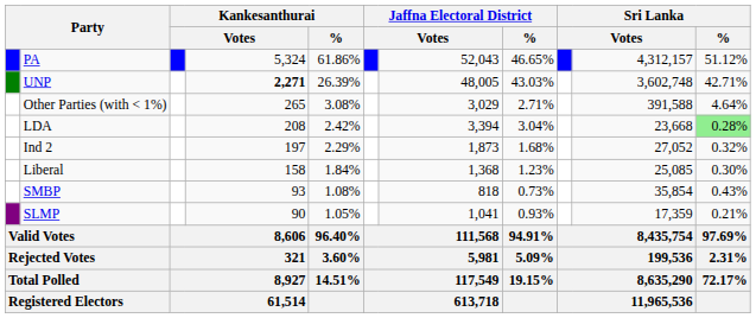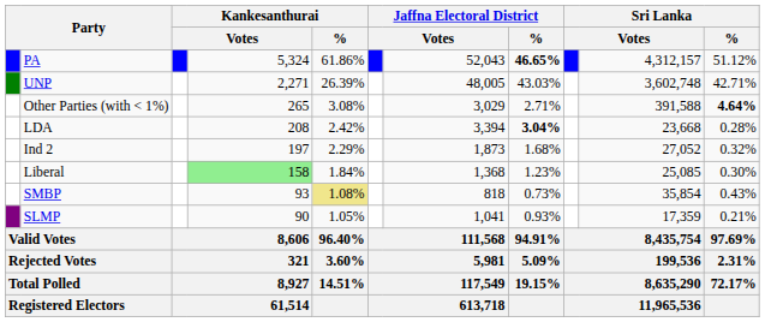 <table class="wikitable">
 <tr>
 <th colspan="2" width="144px"rowspan="2">Party</th>
 <th colspan="3" width="216px">Kankesanthurai</th>
 <th colspan="3" width="216px"><a href='#'>Jaffna Electoral District</a></th>
 <th colspan="3" width="216px">Sri Lanka</th>
 </tr>
 <tr>
 <th colspan="2" width="144px">Votes</th>
 <th>%</th>
 <th colspan="2" width="144px">Votes</th>
 <th>%</th>
 <th colspan="2" width="144px">Votes</th>
 <th>%</th>
 </tr>
 <tr>
 <td style="background-color:blue;" width="10px"></td>
 <td style="text-align:left;"><a href='#'>PA</a></td>
 <td style="background-color:blue;" width="10px"></td>
 <td style="text-align:right;">5,324</td>
 <td style="text-align:right;">61.86%</td>
 <td style="background-color:blue;" width="10px"></td>
 <td style="text-align:right;">52,043</td>
-<td style="text-align:right;">46.65%</td>
+<td style="text-align:right;"><strong>46.65%</strong></td>
 <td style="background-color:blue;" width="10px"></td>
 <td style="text-align:right;">4,312,157</td>
 <td style="text-align:right;">51.12%</td>
 </tr>
 <tr>
 <td style="background-color:green;" width="10px"></td>
 <td style="text-align:left;"><a href='#'>UNP</a></td>
 <td style="background-color:white;" width="10px"></td>
-<td style="text-align:right;"><strong>2,271</strong></td>
+<td style="text-align:right;">2,271</td>
 <td style="text-align:right;">26.39%</td>
 <td style="background-color:white;" width="10px"></td>
 <td style="text-align:right;">48,005</td>
 <td style="text-align:right;">43.03%</td>
 <td style="background-color:white;" width="10px"></td>
 <td style="text-align:right;">3,602,748</td>
 <td style="text-align:right;">42.71%</td>
 </tr>
 <tr>
 <td style="background-color:white;" width="10px"></td>
 <td style="text-align:left;">Other Parties (with < 1%)</td>
 <td style="background-color:white;" width="10px"></td>
 <td style="text-align:right;">265</td>
 <td style="text-align:right;">3.08%</td>
 <td style="background-color:white;" width="10px"></td>
 <td style="text-align:right;">3,029</td>
 <td style="text-align:right;">2.71%</td>
 <td style="background-color:white;" width="10px"></td>
 <td style="text-align:right;">391,588</td>
-<td style="text-align:right;">4.64%</td>
+<td style="text-align:right;"><strong>4.64%</strong></td>
 </tr>
 <tr>
 <td style="background-color:white;" width="10px"></td>
 <td style="text-align:left;">LDA</td>
 <td style="background-color:white;" width="10px"></td>
 <td style="text-align:right;">208</td>
 <td style="text-align:right;">2.42%</td>
 <td style="background-color:white;" width="10px"></td>
 <td style="text-align:right;">3,394</td>
-<td style="text-align:right;">3.04%</td>
+<td style="text-align:right;"><strong>3.04%</strong></td>
 <td style="background-color:white;" width="10px"></td>
 <td style="text-align:right;">23,668</td>
-<td style="background: lightgreen; text-align:right;">0.28%</td>
+<td style="text-align:right;">0.28%</td>
 </tr>
 <tr>
 <td style="background-color:white;" width="10px"></td>
 <td style="text-align:left;">Ind 2</td>
 <td style="background-color:white;" width="10px"></td>
 <td style="text-align:right;">197</td>
 <td style="text-align:right;">2.29%</td>
 <td style="background-color:white;" width="10px"></td>
 <td style="text-align:right;">1,873</td>
 <td style="text-align:right;">1.68%</td>
 <td style="background-color:white;" width="10px"></td>
 <td style="text-align:right;">27,052</td>
 <td style="text-align:right;">0.32%</td>
 </tr>
 <tr>
 <td style="background-color:white;" width="10px"></td>
 <td style="text-align:left;">Liberal</td>
 <td style="background-color:white;" width="10px"></td>
-<td style="text-align:right;">158</td>
+<td style="background: lightgreen; text-align:right;">158</td>
 <td style="text-align:right;">1.84%</td>
 <td style="background-color:white;" width="10px"></td>
 <td style="text-align:right;">1,368</td>
 <td style="text-align:right;">1.23%</td>
 <td style="background-color:white;" width="10px"></td>
 <td style="text-align:right;">25,085</td>
 <td style="text-align:right;">0.30%</td>
 </tr>
 <tr>
 <td style="background-color:white;" width="10px"></td>
 <td style="text-align:left;"><a href='#'>SMBP</a></td>
 <td style="background-color:white;" width="10px"></td>
 <td style="text-align:right;">93</td>
-<td style="text-align:right;">1.08%</td>
+<td style="background: khaki; text-align:right;">1.08%</td>
 <td style="background-color:white;" width="10px"></td>
 <td style="text-align:right;">818</td>
 <td style="text-align:right;">0.73%</td>
 <td style="background-color:white;" width="10px"></td>
 <td style="text-align:right;">35,854</td>
 <td style="text-align:right;">0.43%</td>
 </tr>
 <tr>
 <td style="background-color:purple;" width="10px"></td>
 <td style="text-align:left;"><a href='#'>SLMP</a></td>
 <td style="background-color:white;" width="10px"></td>
 <td style="text-align:right;">90</td>
 <td style="text-align:right;">1.05%</td>
 <td style="background-color:white;" width="10px"></td>
 <td style="text-align:right;">1,041</td>
 <td style="text-align:right;">0.93%</td>
 <td style="background-color:white;" width="10px"></td>
 <td style="text-align:right;">17,359</td>
 <td style="text-align:right;">0.21%</td>
 </tr>
 <tr>
 <th colspan="2" width="144px"style="text-align:left;">Valid Votes</th>
 <th style="text-align:right;"colspan="2" width="144px">8,606</th>
 <th style="text-align:right;">96.40%</th>
 <th style="text-align:right;"colspan="2" width="144px">111,568</th>
 <th style="text-align:right;">94.91%</th>
 <th style="text-align:right;"colspan="2" width="144px">8,435,754</th>
 <th style="text-align:right;">97.69%</th>
 </tr>
 <tr>
 <th colspan="2" width="144px"style="text-align:left;">Rejected Votes</th>
 <th style="text-align:right;"colspan="2" width="144px">321</th>
 <th style="text-align:right;">3.60%</th>
 <th style="text-align:right;"colspan="2" width="144px">5,981</th>
 <th style="text-align:right;">5.09%</th>
 <th style="text-align:right;"colspan="2" width="144px">199,536</th>
 <th style="text-align:right;">2.31%</th>
 </tr>
 <tr>
 <th colspan="2" width="144px"style="text-align:left;">Total Polled</th>
 <th style="text-align:right;"colspan="2" width="144px">8,927</th>
 <th style="text-align:right;">14.51%</th>
 <th style="text-align:right;"colspan="2" width="144px">117,549</th>
 <th style="text-align:right;">19.15%</th>
 <th style="text-align:right;"colspan="2" width="144px">8,635,290</th>
 <th style="text-align:right;">72.17%</th>
 </tr>
 <tr>
 <th colspan="2" width="144px"style="text-align:left;">Registered Electors</th>
 <th style="text-align:right;"colspan="2" width="144px">61,514</th>
 <th></th>
 <th style="text-align:right;"colspan="2" width="144px">613,718</th>
 <th></th>
 <th style="text-align:right;"colspan="2" width="144px">11,965,536</th>
 <th></th>
 </tr>
 </table>
